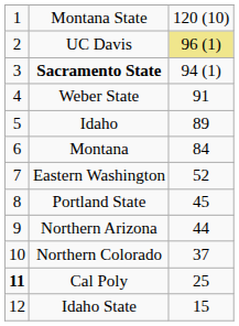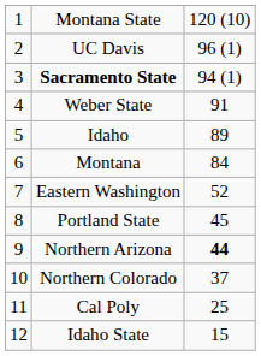 <table class="wikitable" style="display: inline-table;">
 <tr align="center">
 </tr>
 <tr align="center">
 <td>1</td>
 <td>Montana State</td>
 <td>120 (10)</td>
 </tr>
 <tr align="center">
 <td>2</td>
 <td>UC Davis</td>
-<td style="background: khaki;">96 (1)</td>
+<td>96 (1)</td>
 </tr>
 <tr align="center">
 <td>3</td>
 <td><strong>Sacramento State</strong></td>
 <td>94 (1)</td>
 </tr>
 <tr align="center">
 <td>4</td>
 <td>Weber State</td>
 <td>91</td>
 </tr>
 <tr align="center">
 <td>5</td>
 <td>Idaho</td>
 <td>89</td>
 </tr>
 <tr align="center">
 <td>6</td>
 <td>Montana</td>
 <td>84</td>
 </tr>
 <tr align="center">
 <td>7</td>
 <td>Eastern Washington</td>
 <td>52</td>
 </tr>
 <tr align="center">
 <td>8</td>
 <td>Portland State</td>
 <td>45</td>
 </tr>
 <tr align="center">
 <td>9</td>
 <td>Northern Arizona</td>
-<td>44</td>
+<td><strong>44</strong></td>
 </tr>
 <tr align="center">
 <td>10</td>
 <td>Northern Colorado</td>
 <td>37</td>
 </tr>
 <tr align="center">
-<td><strong>11</strong></td>
+<td>11</td>
 <td>Cal Poly</td>
 <td>25</td>
 </tr>
 <tr align="center">
 <td>12</td>
 <td>Idaho State</td>
 <td>15</td>
 </tr>
 </table>
